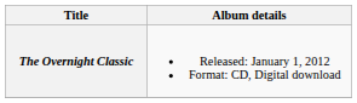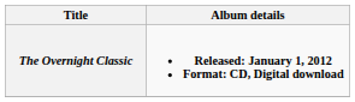 <table class="wikitable plainrowheaders" style="text-align:center;">
 <tr>
 <th scope="col" style="width:11em;">Title</th>
 <th scope="col" style="width:16em;">Album details</th>
 </tr>
 <tr>
 <th scope="row"><em>The Overnight Classic</em></th>
-<td><br><ul><li>Released: January 1, 2012</li><li>Format: CD, Digital download</li></ul></td>
+<td><strong><br><ul><li>Released: January 1, 2012</li><li>Format: CD, Digital download</li></ul></strong></td>
 </tr>
 <tr>
 </tr>
 </table>
